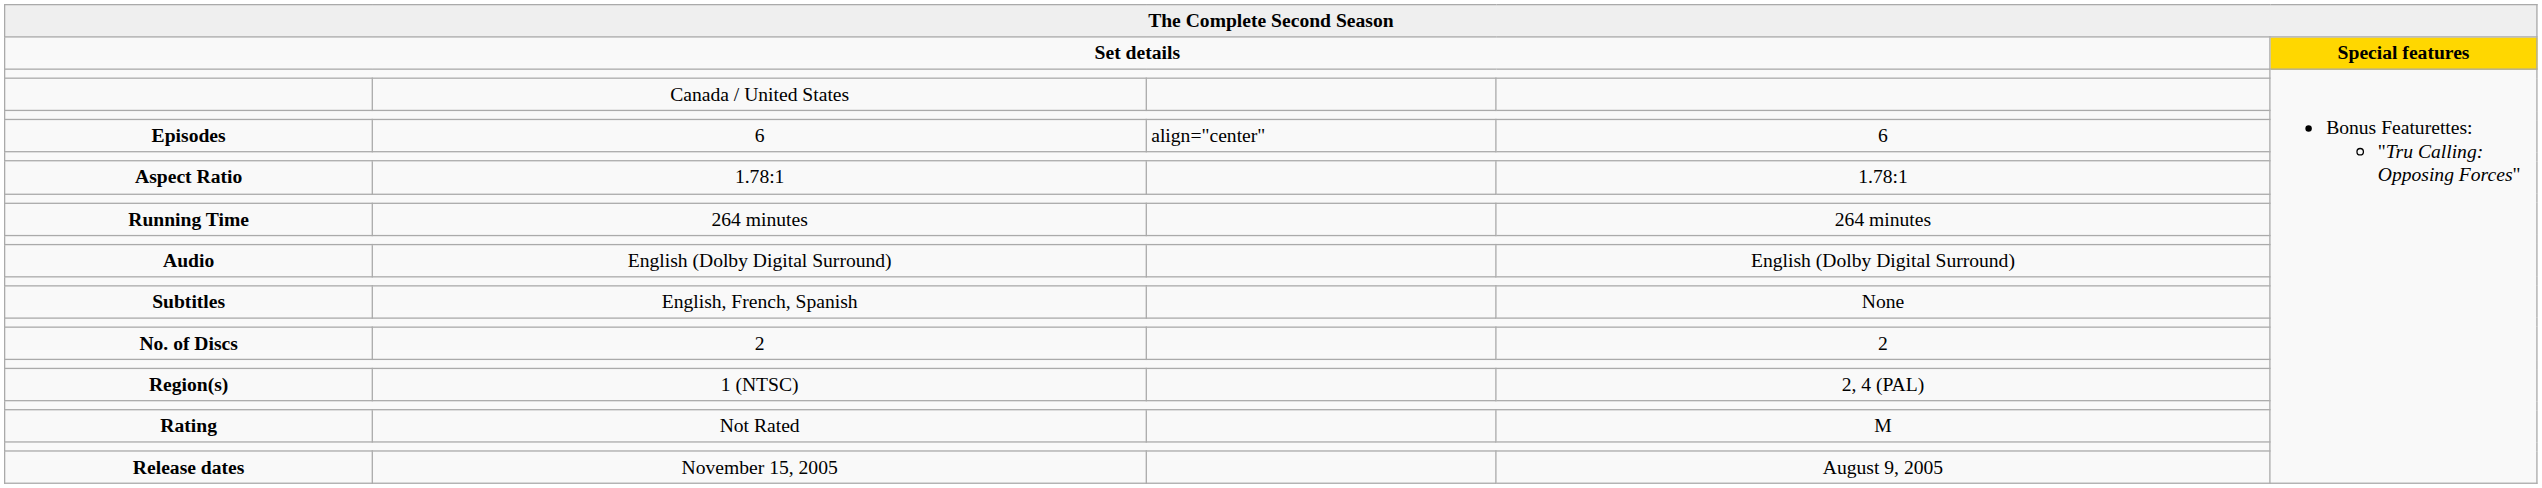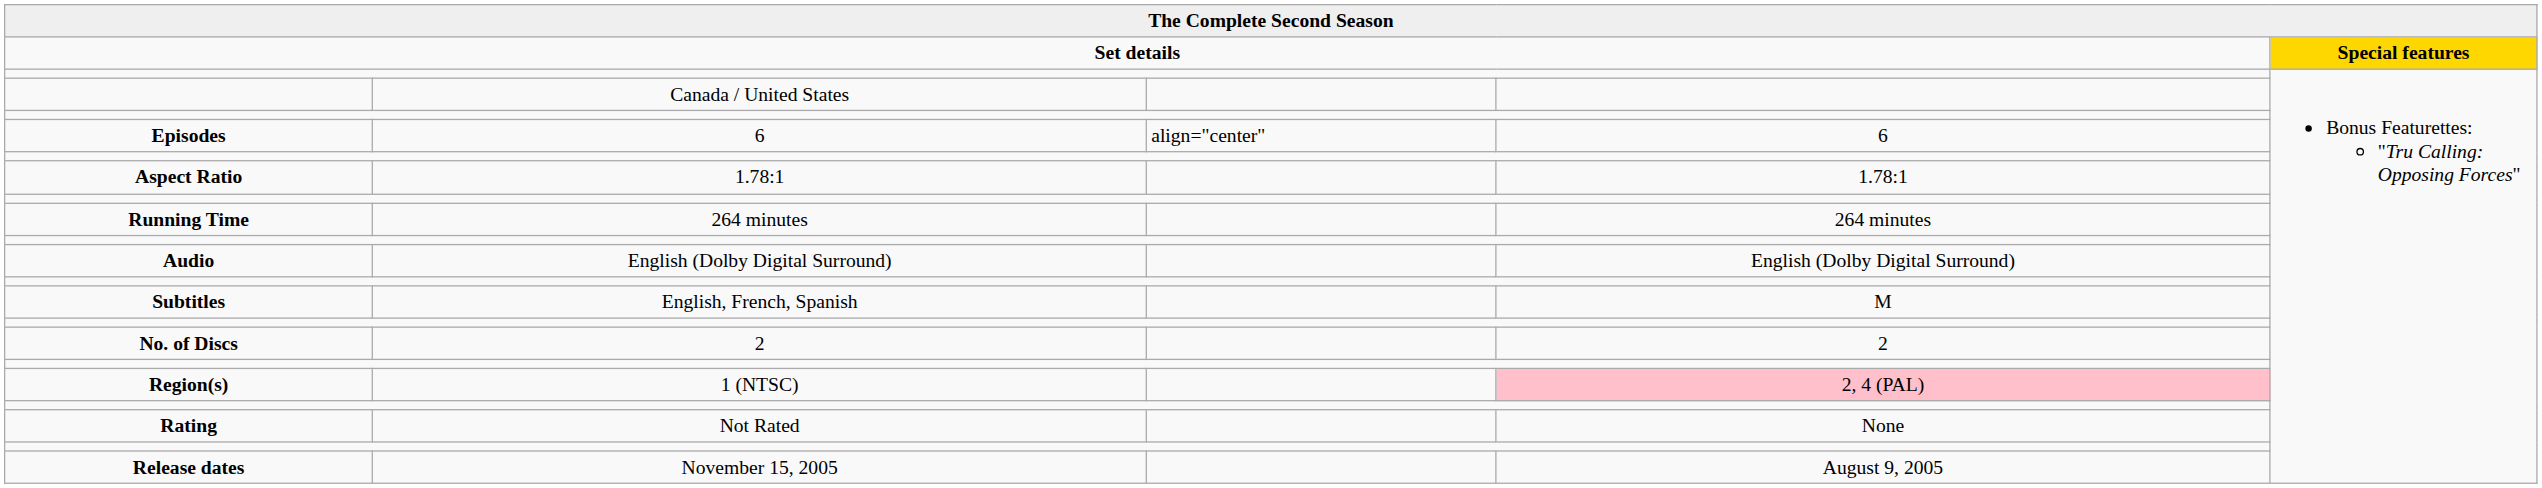 <table class="wikitable" width="99%" style="font-size: 95%;">
 <tr style="background:#EFEFEF">
 <td colspan="7" align="center"><strong>The Complete Second Season</strong></td>
 </tr>
 <tr>
 <td align="center" width="300" colspan="4"><strong>Set details</strong></td>
 <td width="200" align="center" style="background: gold;"><strong>Special features</strong></td>
 </tr>
 <tr valign="top">
 <td colspan="4" align="left" width="200"></td>
 <td rowspan="20" align="left" width="200"><br><ul><li>Bonus Featurettes:<ul><li>"<em>Tru Calling: Opposing Forces</em>"</li></ul></li></ul></td>
 </tr>
 <tr>
 <td align="center"></td>
 <td align="center">  Canada / United States</td>
 <td align="center"></td>
 <td align="center"></td>
 </tr>
 <tr>
 <td colspan="4" align="center"></td>
 </tr>
 <tr>
 <td align="center"><strong>Episodes</strong></td>
 <td align="center">6</td>
 <td>align="center" </td>
 <td align="center">6</td>
 </tr>
 <tr>
 <td colspan="4" align="center"></td>
 </tr>
 <tr>
 <td align="center"><strong>Aspect Ratio</strong></td>
 <td align="center">1.78:1</td>
 <td align="center"></td>
 <td align="center">1.78:1</td>
 </tr>
 <tr>
 <td colspan="4" align="center"></td>
 </tr>
 <tr>
 <td align="center"><strong>Running Time</strong></td>
 <td align="center">264 minutes</td>
 <td align="center"></td>
 <td align="center">264 minutes</td>
 </tr>
 <tr>
 <td colspan="4" align="center"></td>
 </tr>
 <tr>
 <td align="center"><strong>Audio</strong></td>
 <td align="center">English (Dolby Digital Surround)</td>
 <td align="center"></td>
 <td align="center">English (Dolby Digital Surround)</td>
 </tr>
 <tr>
 <td colspan="4" align="center"></td>
 </tr>
 <tr>
 <td align="center"><strong>Subtitles</strong></td>
 <td align="center">English, French, Spanish</td>
 <td align="center"></td>
-<td align="center">None</td>
+<td align="center">M</td>
 </tr>
 <tr>
 <td colspan="4" align="center"></td>
 </tr>
 <tr>
 <td align="center"><strong>No. of Discs</strong></td>
 <td align="center">2</td>
 <td align="center"></td>
 <td align="center">2</td>
 </tr>
 <tr>
 <td colspan="4" align="center"></td>
 </tr>
 <tr>
 <td align="center"><strong>Region(s)</strong></td>
 <td align="center">1 (NTSC)</td>
 <td align="center"></td>
-<td align="center">2, 4 (PAL)</td>
+<td align="center" style="background: pink;">2, 4 (PAL)</td>
 </tr>
 <tr>
 <td colspan="4" align="center"></td>
 </tr>
 <tr>
 <td align="center"><strong>Rating</strong></td>
 <td align="center">Not Rated</td>
 <td align="center"></td>
-<td align="center">M</td>
+<td align="center">None</td>
 </tr>
 <tr>
 <td colspan="4" align="center"></td>
 </tr>
 <tr>
 <td align="center"><strong>Release dates</strong></td>
 <td align="center">November 15, 2005</td>
 <td align="center"></td>
 <td align="center">August 9, 2005</td>
 </tr>
 </table>
